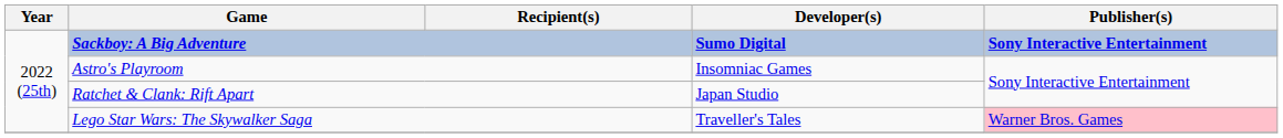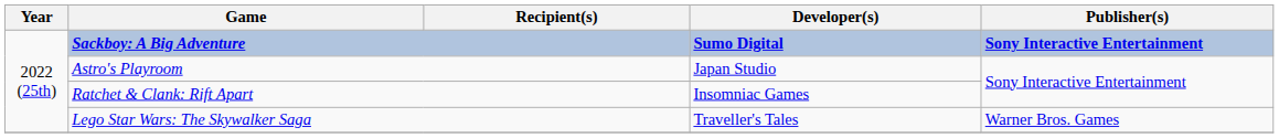 <table class="wikitable" style="width:100%">
 <tr bgcolor="#CCCCCC" align="center">
 <th width="5%">Year</th>
 <th width="28%">Game</th>
 <th width="21%">Recipient(s)</th>
 <th width="23%">Developer(s)</th>
 <th width="23%">Publisher(s)</th>
 </tr>
 <tr>
 <td rowspan="4" style="text-align:center;">2022<br>(<a href='#'>25th</a>)<br></td>
 <td colspan="2" style="background:#B0C4DE;"><strong><em><a href='#'>Sackboy: A Big Adventure</a></em></strong></td>
 <td style="background:#B0C4DE;"><strong><a href='#'>Sumo Digital</a></strong></td>
 <td style="background:#B0C4DE;"><strong><a href='#'>Sony Interactive Entertainment</a></strong></td>
 </tr>
 <tr>
 <td colspan="2"><em><a href='#'>Astro's Playroom</a></em></td>
-<td><a href='#'>Insomniac Games</a></td>
+<td><a href='#'>Japan Studio</a></td>
 <td rowspan="2"><a href='#'>Sony Interactive Entertainment</a></td>
 </tr>
 <tr>
 <td colspan="2"><em><a href='#'>Ratchet & Clank: Rift Apart</a></em></td>
-<td><a href='#'>Japan Studio</a></td>
+<td><a href='#'>Insomniac Games</a></td>
 </tr>
 <tr>
 <td colspan="2"><em><a href='#'>Lego Star Wars: The Skywalker Saga</a></em></td>
 <td><a href='#'>Traveller's Tales</a></td>
-<td style="background: pink;"><a href='#'>Warner Bros. Games</a></td>
+<td><a href='#'>Warner Bros. Games</a></td>
 </tr>
 <tr>
 </tr>
 </table>
